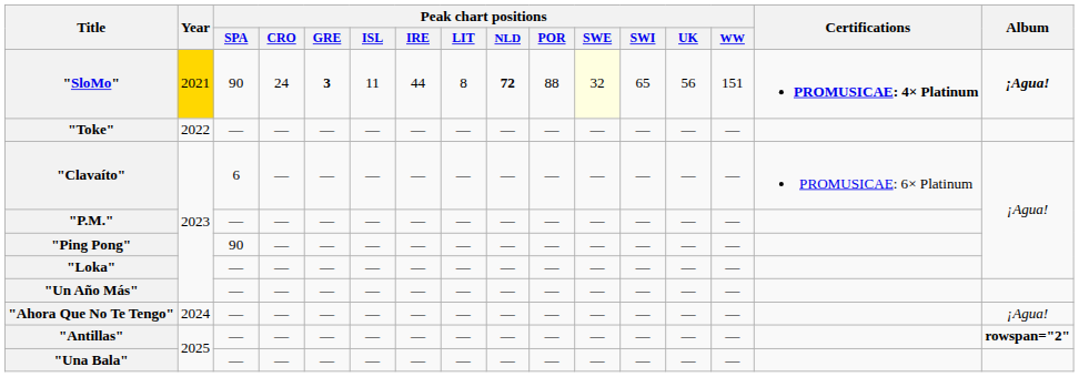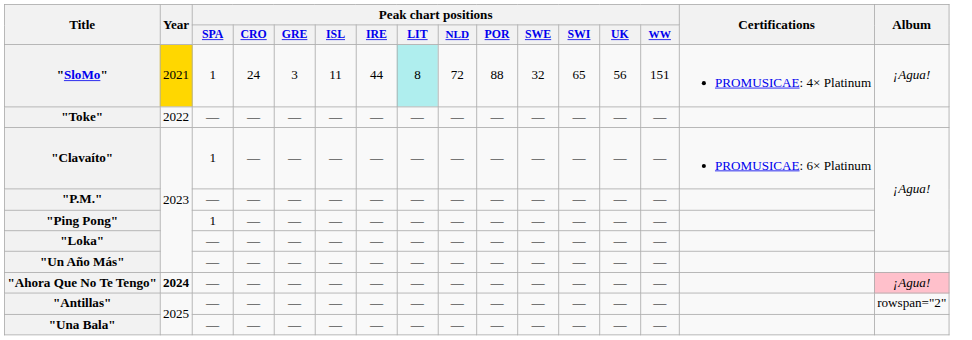 <table class="wikitable plainrowheaders" style="text-align:center;">
 <tr>
 <th scope="col" rowspan="2">Title</th>
 <th scope="col" rowspan="2">Year</th>
 <th scope="col" colspan="12">Peak chart positions</th>
 <th scope="col" rowspan="2">Certifications</th>
 <th rowspan="2">Album</th>
 </tr>
 <tr>
 <th scope="col" style="width:3em;font-size:90%;"><a href='#'>SPA</a><br></th>
 <th scope="col" style="width:3em;font-size:90%;"><a href='#'>CRO</a><br></th>
 <th scope="col" style="width:3em;font-size:90%;"><a href='#'>GRE</a><br></th>
 <th scope="col" style="width:3em;font-size:90%;"><a href='#'>ISL</a><br></th>
 <th scope="col" style="width:3em;font-size:90%;"><a href='#'>IRE</a><br></th>
 <th scope="col" style="width:3em;font-size:90%;"><a href='#'>LIT</a><br></th>
 <th scope="col" style="width:3em;font-size:85%;"><a href='#'>NLD</a><br></th>
 <th scope="col" style="width:3em;font-size:90%;"><a href='#'>POR</a><br></th>
 <th scope="col" style="width:3em;font-size:90%;"><a href='#'>SWE</a><br></th>
 <th scope="col" style="width:3em;font-size:90%;"><a href='#'>SWI</a><br></th>
 <th scope="col" style="width:3em;font-size:90%;"><a href='#'>UK</a><br></th>
 <th scope="col" style="width:3em;font-size:85%;"><a href='#'>WW</a><br></th>
 </tr>
 <tr>
 <th scope="row">"<a href='#'>SloMo</a>"</th>
 <td style="background: gold;">2021</td>
-<td>90</td>
+<td>1</td>
 <td>24</td>
-<td><strong>3</strong></td>
+<td>3</td>
 <td>11</td>
 <td>44</td>
-<td>8</td>
-<td><strong>72</strong></td>
+<td style="background: paleturquoise;">8</td>
+<td>72</td>
 <td>88</td>
-<td style="background: lightyellow;">32</td>
+<td>32</td>
 <td>65</td>
 <td>56</td>
 <td>151</td>
-<td><strong><br><ul><li><a href='#'>PROMUSICAE</a>: 4× Platinum</li></ul></strong></td>
-<td><strong><em>¡Agua!</em></strong></td>
+<td><br><ul><li><a href='#'>PROMUSICAE</a>: 4× Platinum</li></ul></td>
+<td><em>¡Agua!</em></td>
 </tr>
 <tr>
 <th scope="row">"Toke"<br></th>
 <td>2022</td>
 <td>—</td>
 <td>—</td>
 <td>—</td>
 <td>—</td>
 <td>—</td>
 <td>—</td>
 <td>—</td>
 <td>—</td>
 <td>—</td>
 <td>—</td>
 <td>—</td>
 <td>—</td>
 <td></td>
 <td></td>
 </tr>
 <tr>
 <th scope="row">"Clavaíto"<br></th>
 <td rowspan="5">2023</td>
-<td>6</td>
+<td>1</td>
 <td>—</td>
 <td>—</td>
 <td>—</td>
 <td>—</td>
 <td>—</td>
 <td>—</td>
 <td>—</td>
 <td>—</td>
 <td>—</td>
 <td>—</td>
 <td>—</td>
 <td><br><ul><li><a href='#'>PROMUSICAE</a>: 6× Platinum</li></ul></td>
 <td rowspan="4"><em>¡Agua!</em></td>
 </tr>
 <tr>
 <th scope="row">"P.M."</th>
 <td>—</td>
 <td>—</td>
 <td>—</td>
 <td>—</td>
 <td>—</td>
 <td>—</td>
 <td>—</td>
 <td>—</td>
 <td>—</td>
 <td>—</td>
 <td>—</td>
 <td>—</td>
 <td></td>
 </tr>
 <tr>
 <th scope="row">"Ping Pong"<br></th>
-<td>90</td>
+<td>1</td>
 <td>—</td>
 <td>—</td>
 <td>—</td>
 <td>—</td>
 <td>—</td>
 <td>—</td>
 <td>—</td>
 <td>—</td>
 <td>—</td>
 <td>—</td>
 <td>—</td>
 <td></td>
 </tr>
 <tr>
 <th scope="row">"Loka"<br></th>
 <td>—</td>
 <td>—</td>
 <td>—</td>
 <td>—</td>
 <td>—</td>
 <td>—</td>
 <td>—</td>
 <td>—</td>
 <td>—</td>
 <td>—</td>
 <td>—</td>
 <td>—</td>
 <td></td>
 </tr>
 <tr>
 <th scope="row">"Un Año Más"</th>
 <td>—</td>
 <td>—</td>
 <td>—</td>
 <td>—</td>
 <td>—</td>
 <td>—</td>
 <td>—</td>
 <td>—</td>
 <td>—</td>
 <td>—</td>
 <td>—</td>
 <td>—</td>
 <td></td>
 <td></td>
 </tr>
 <tr>
 <th scope="row">"Ahora Que No Te Tengo"<br></th>
-<td>2024</td>
+<td><strong>2024</strong></td>
 <td>—</td>
 <td>—</td>
 <td>—</td>
 <td>—</td>
 <td>—</td>
 <td>—</td>
 <td>—</td>
 <td>—</td>
 <td>—</td>
 <td>—</td>
 <td>—</td>
 <td>—</td>
 <td></td>
-<td><em>¡Agua!</em></td>
+<td style="background: pink;"><em>¡Agua!</em></td>
 </tr>
 <tr>
 <th scope="row">"Antillas"</th>
 <td rowspan="2">2025</td>
 <td>—</td>
 <td>—</td>
 <td>—</td>
 <td>—</td>
 <td>—</td>
 <td>—</td>
 <td>—</td>
 <td>—</td>
 <td>—</td>
 <td>—</td>
 <td>—</td>
 <td>—</td>
 <td></td>
-<td><strong>rowspan="2" </strong></td>
+<td>rowspan="2" </td>
 </tr>
 <tr>
 <th scope="row">"Una Bala"</th>
 <td>—</td>
 <td>—</td>
 <td>—</td>
 <td>—</td>
 <td>—</td>
 <td>—</td>
 <td>—</td>
 <td>—</td>
 <td>—</td>
 <td>—</td>
 <td>—</td>
 <td>—</td>
 <td></td>
 </tr>
 </table>
